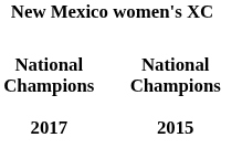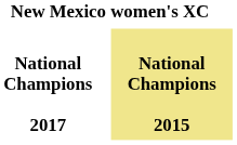 <table class="toccolours" style="width:220px;" border:4px" cellpadding="4">
 <tr>
 <th colspan=3>New Mexico women's XC</th>
 </tr>
 <tr style="font-weight:bold; text-align:center; ">
 <td><br>National<br>Champions<br><br>2017</td>
-<td><br>National<br>Champions<br><br>2015</td>
+<td style="background: khaki;"><br>National<br>Champions<br><br>2015</td>
 </tr>
 </table>
